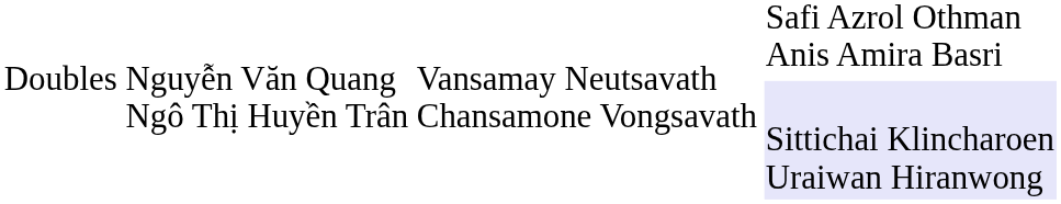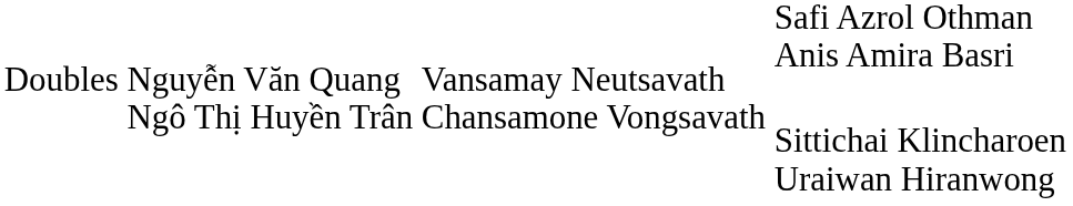 <table>
 <tr>
 <td rowspan=2>Doubles</td>
 <td rowspan=2><br>Nguyễn Văn Quang<br>Ngô Thị Huyền Trân</td>
 <td rowspan=2><br>Vansamay Neutsavath<br>Chansamone Vongsavath</td>
 <td><br>Safi Azrol Othman<br>Anis Amira Basri</td>
 </tr>
 <tr>
-<td style="background: lavender;"><br>Sittichai Klincharoen<br>Uraiwan Hiranwong</td>
+<td><br>Sittichai Klincharoen<br>Uraiwan Hiranwong</td>
 </tr>
 </table>
